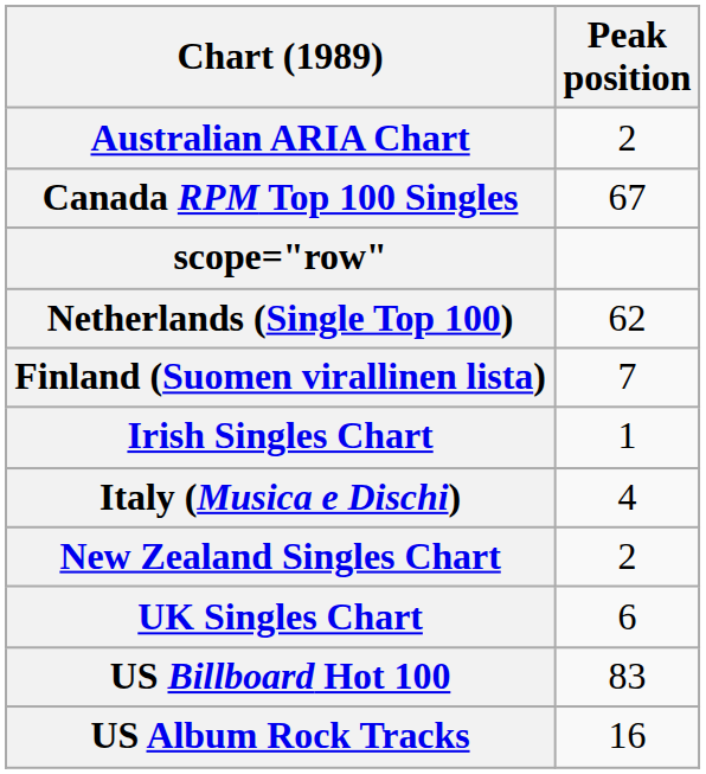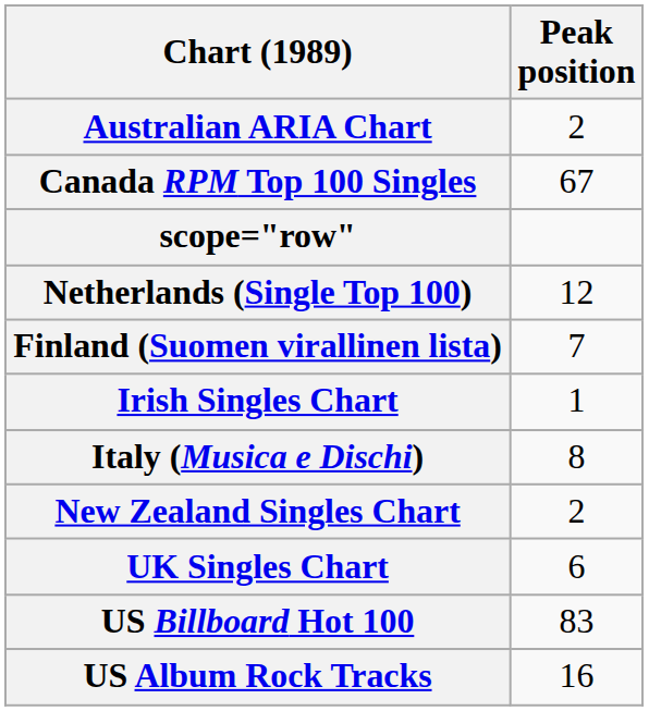 <table class="wikitable sortable plainrowheaders" style="text-align:center;">
 <tr>
 <th align="left">Chart (1989)</th>
 <th align="left">Peak<br>position</th>
 </tr>
 <tr>
 <th scope="row"><a href='#'>Australian ARIA Chart</a></th>
 <td>2</td>
 </tr>
 <tr>
 <th scope="row">Canada <a href='#'><em>RPM</em> Top 100 Singles</a></th>
 <td>67</td>
 </tr>
 <tr>
 <th>scope="row"</th>
 </tr>
 <tr>
 <th scope="row">Netherlands (<a href='#'>Single Top 100</a>)</th>
-<td>62</td>
+<td>12</td>
 </tr>
 <tr>
 <th scope="row">Finland (<a href='#'>Suomen virallinen lista</a>)</th>
 <td>7</td>
 </tr>
 <tr>
 <th scope="row"><a href='#'>Irish Singles Chart</a></th>
 <td>1</td>
 </tr>
 <tr>
 <th scope="row">Italy (<em><a href='#'>Musica e Dischi</a></em>)</th>
-<td>4</td>
+<td>8</td>
 </tr>
 <tr>
 <th scope="row"><a href='#'>New Zealand Singles Chart</a></th>
 <td>2</td>
 </tr>
 <tr>
 <th scope="row"><a href='#'>UK Singles Chart</a></th>
 <td>6</td>
 </tr>
 <tr>
 <th scope="row">US <a href='#'><em>Billboard</em> Hot 100</a></th>
 <td>83</td>
 </tr>
 <tr>
 <th scope="row">US <a href='#'>Album Rock Tracks</a></th>
 <td>16</td>
 </tr>
 </table>
